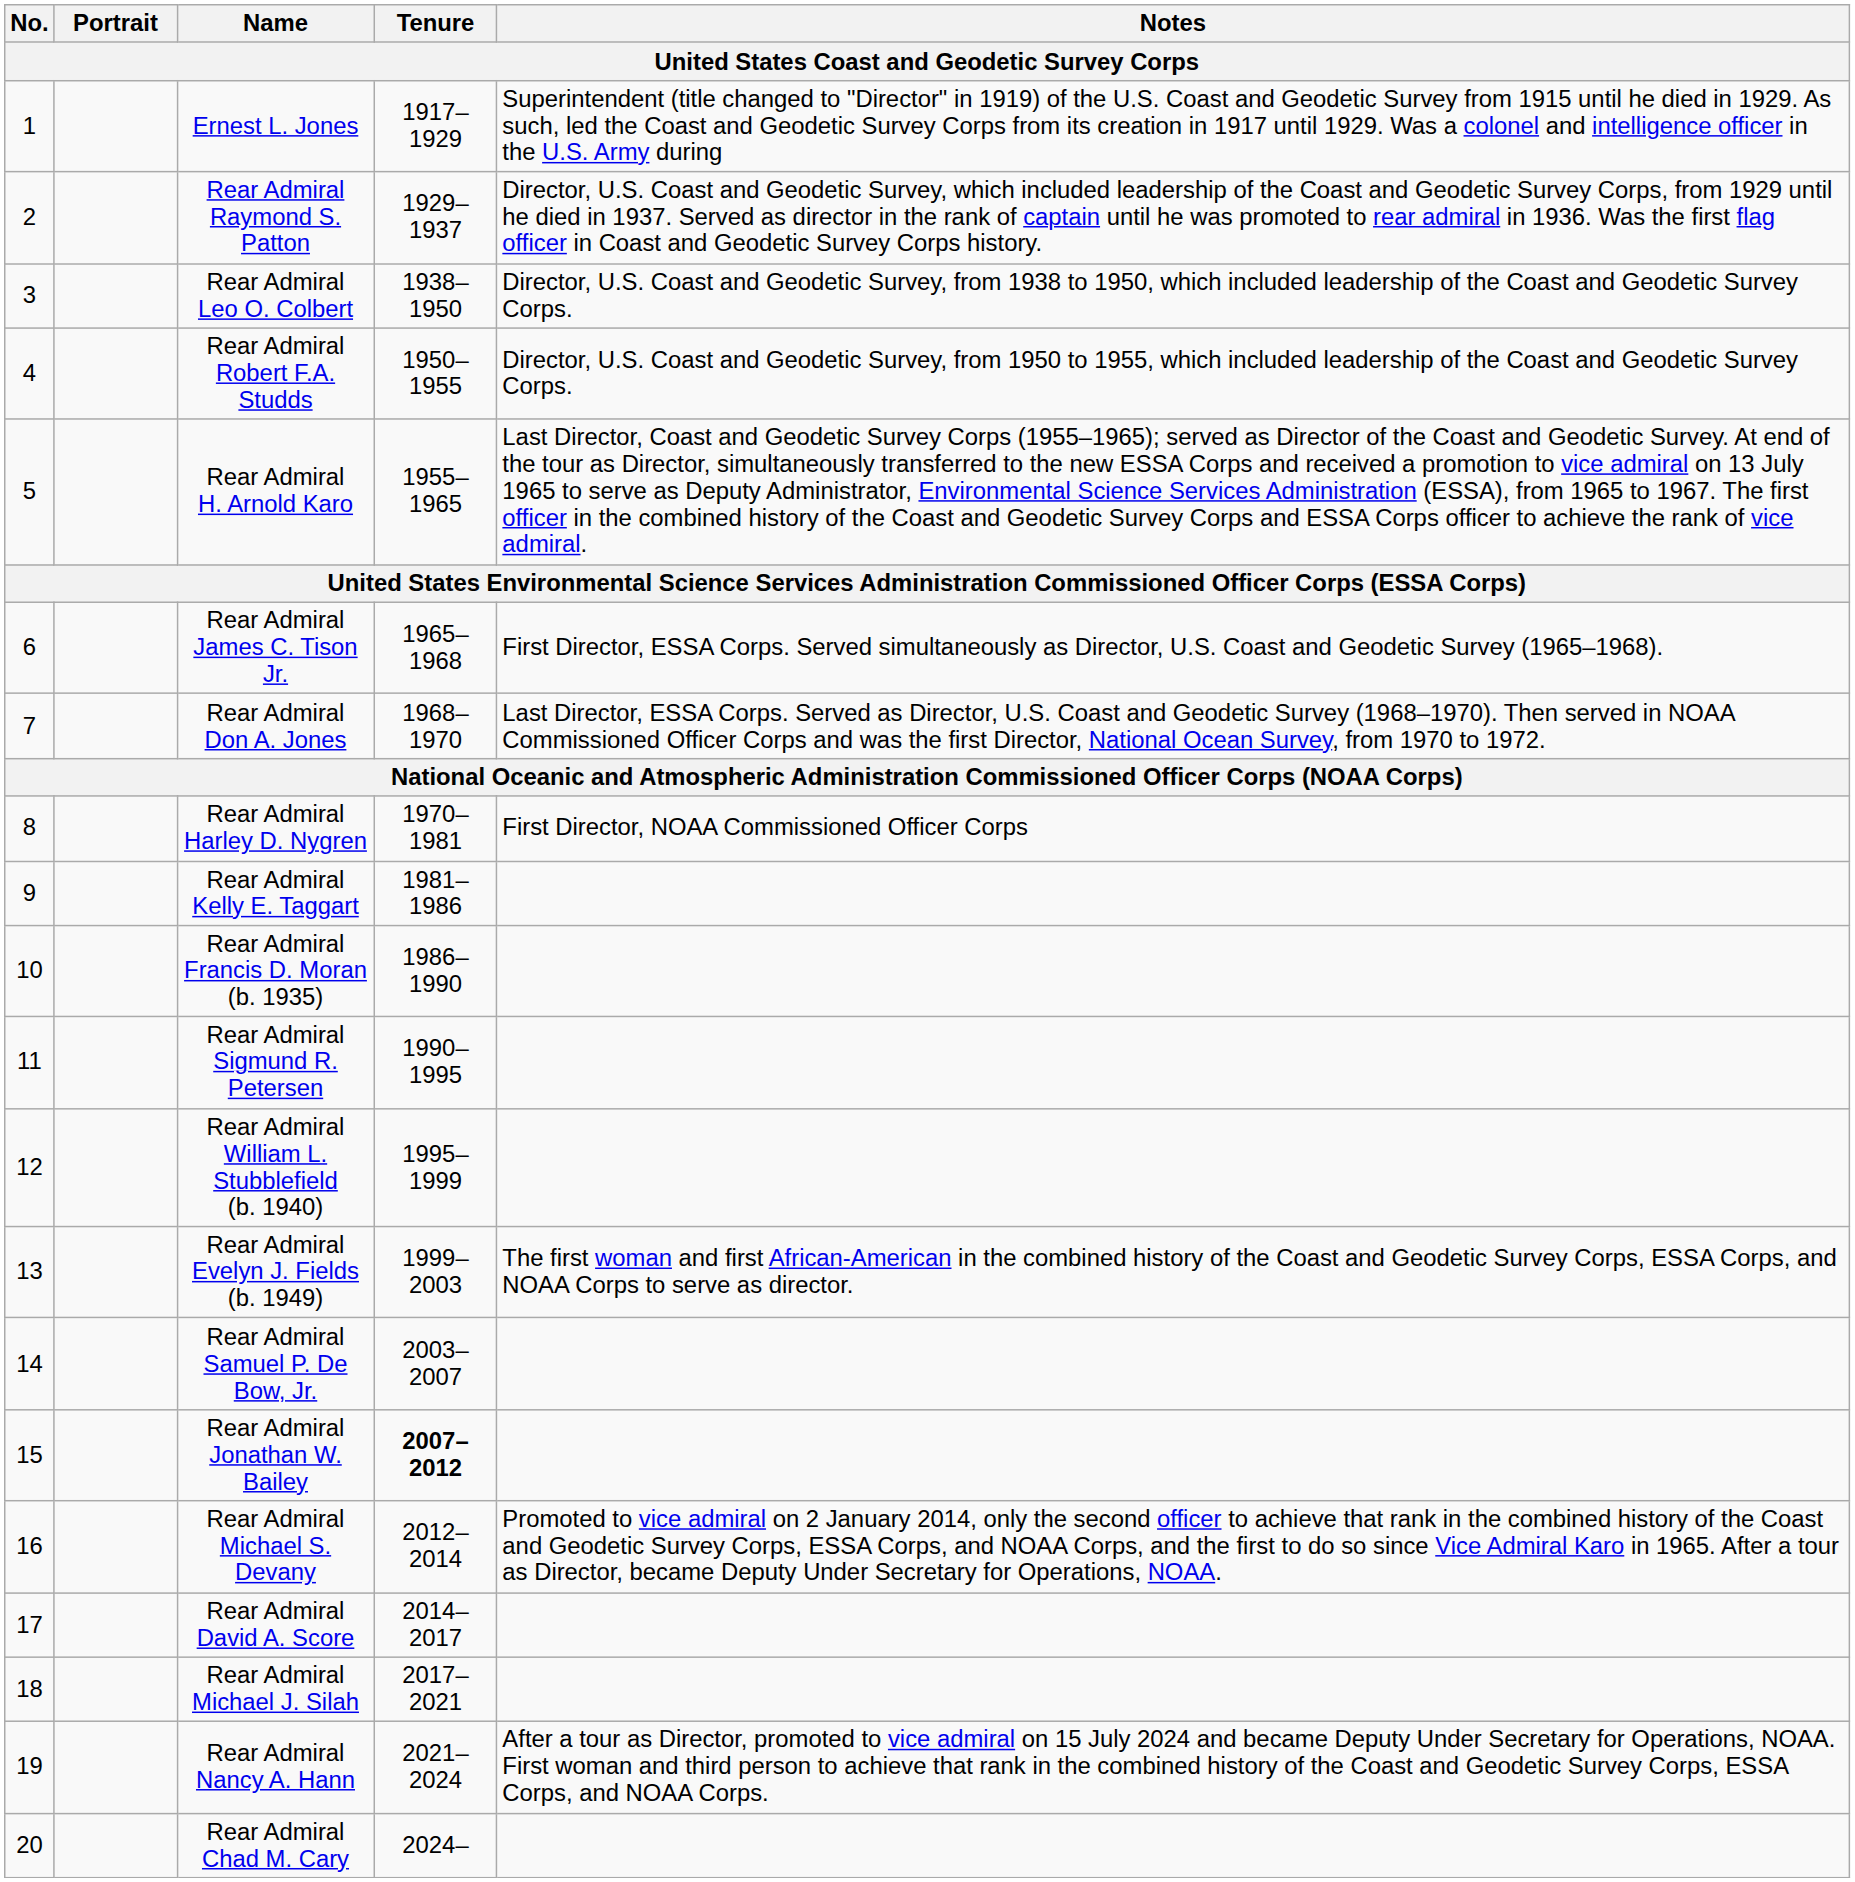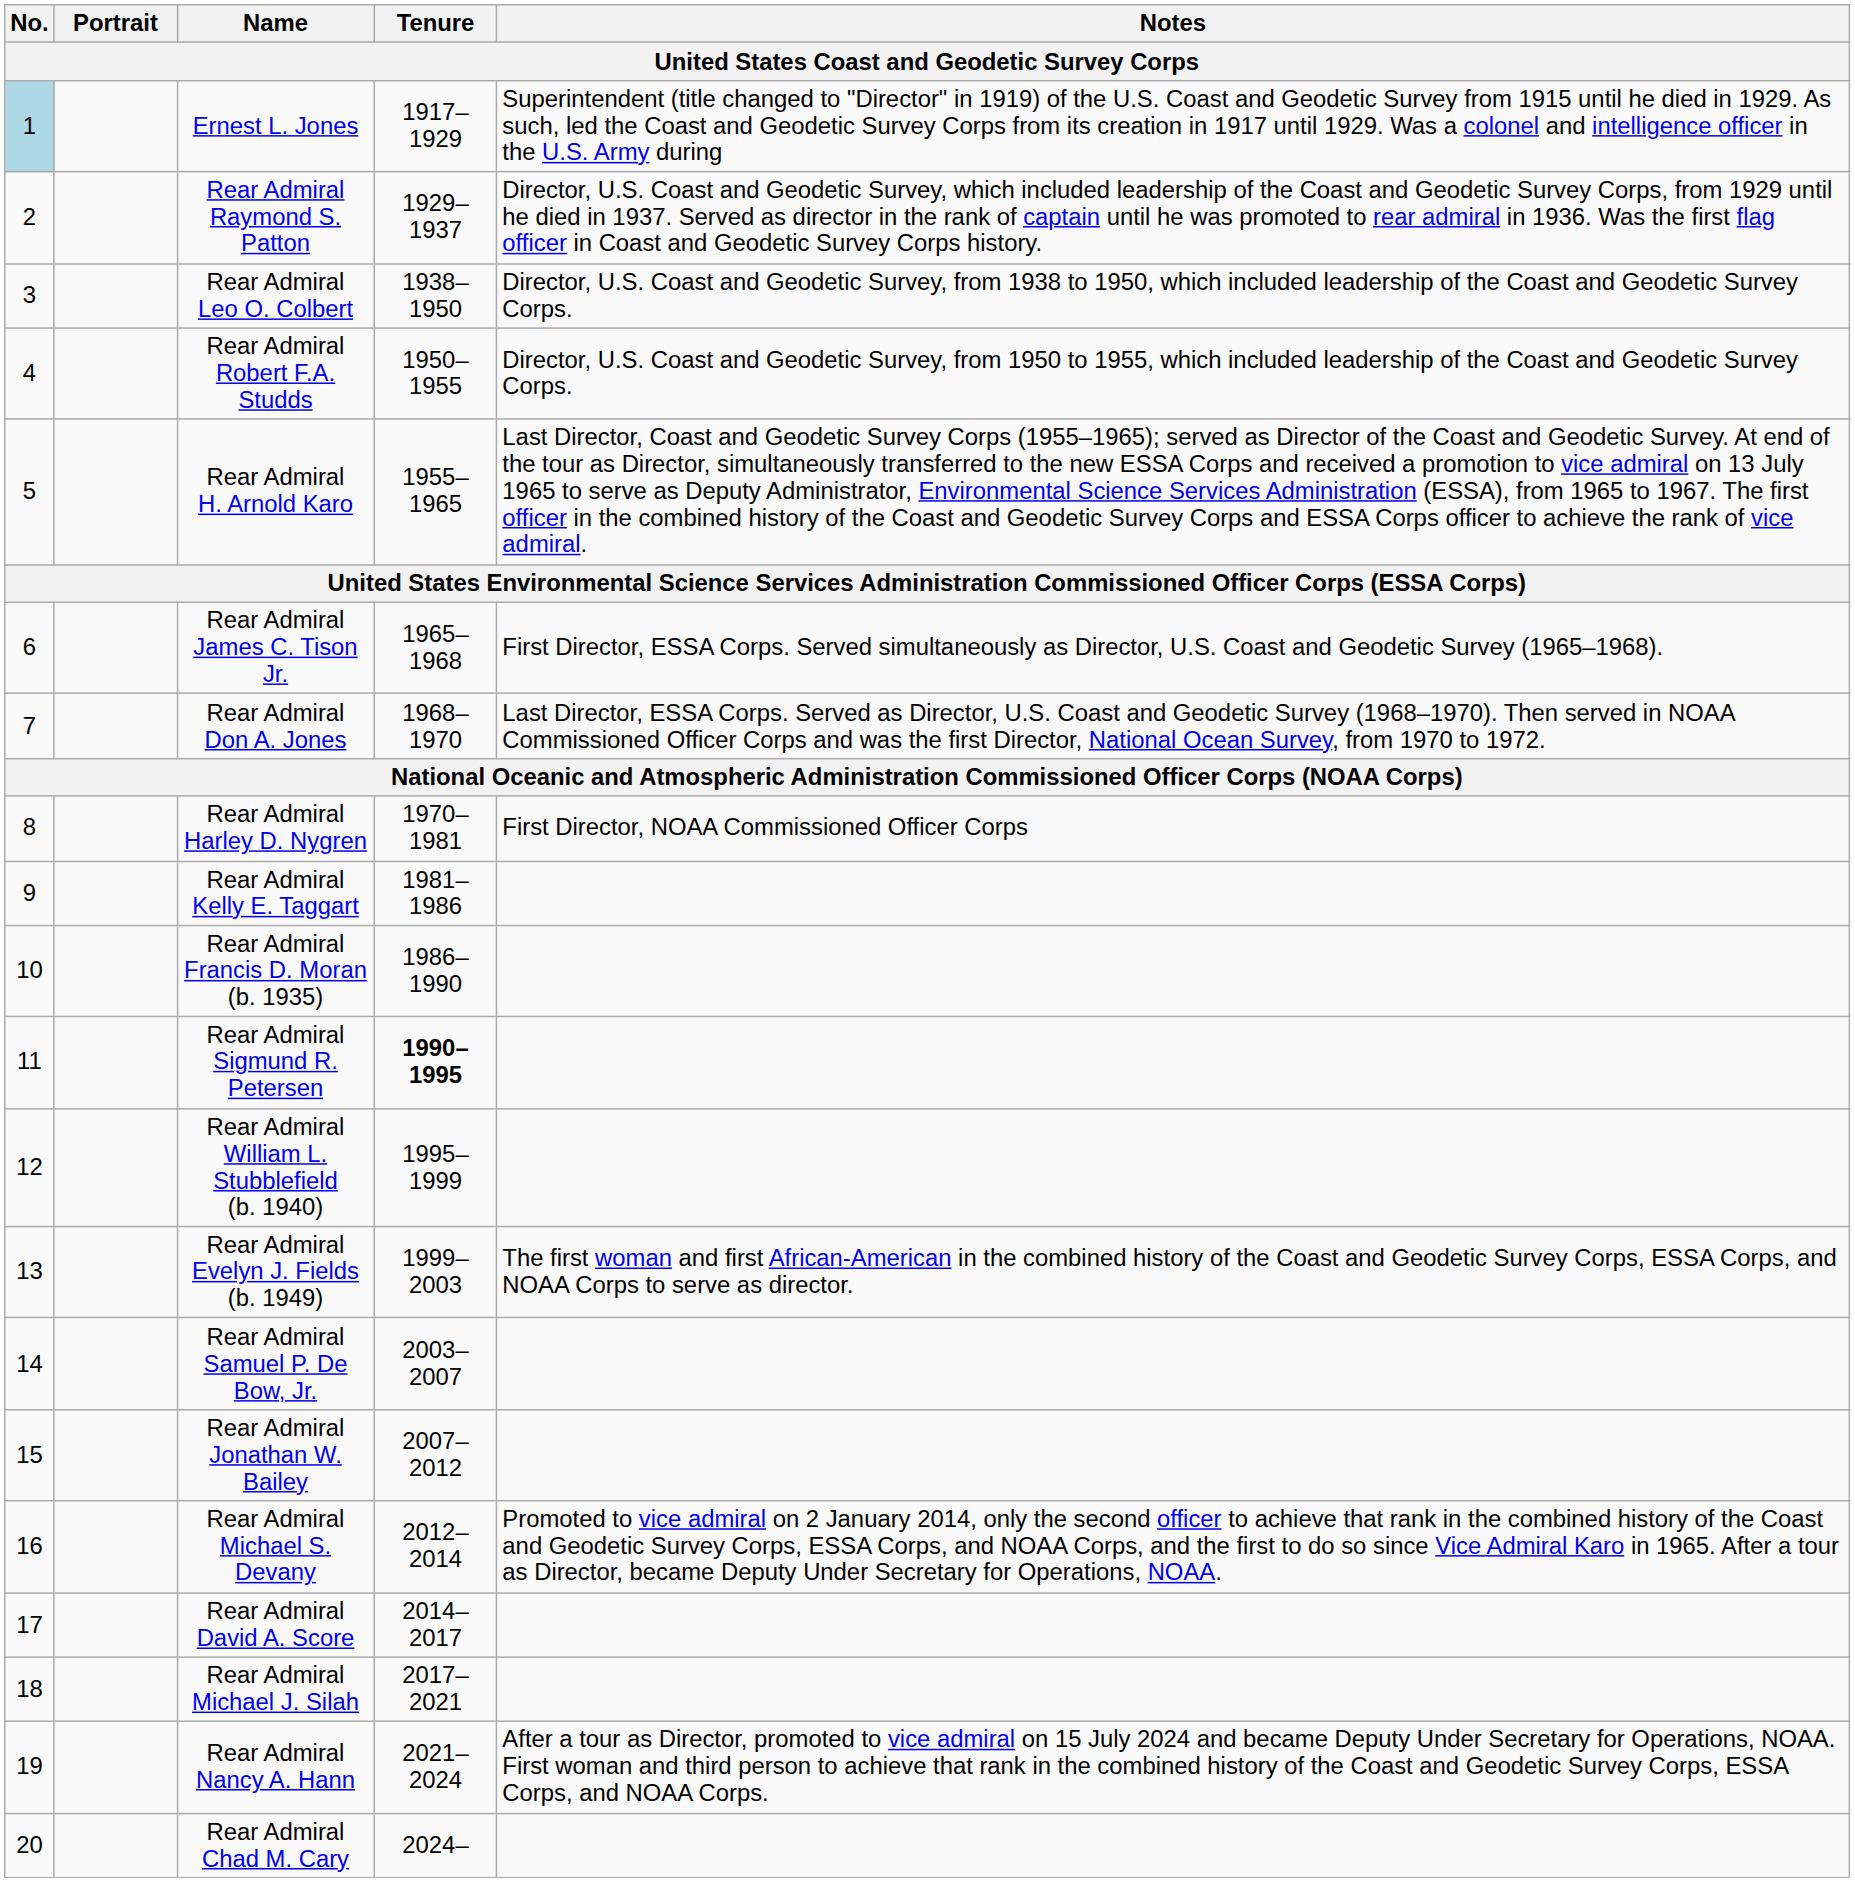 <table class="wikitable sortable">
 <tr>
 <th width="25" style="text-align:center">No.</th>
 <th width="75" style="text-align:center">Portrait</th>
 <th width="125" style="text-align:center">Name</th>
 <th width="75" style="text-align:center">Tenure</th>
 <th width="900" style="text-align:center">Notes</th>
 </tr>
 <tr>
 <th colspan="5">United States Coast and Geodetic Survey Corps</th>
 </tr>
 <tr>
-<td style="text-align:center">1</td>
+<td style="background: lightblue; text-align:center">1</td>
 <td style="text-align:center"></td>
 <td style="text-align:center"><a href='#'>Ernest L. Jones</a><br></td>
 <td style="text-align:center">1917–1929</td>
 <td>Superintendent (title changed to "Director" in 1919) of the U.S. Coast and Geodetic Survey from 1915 until he died in 1929. As such, led the Coast and Geodetic Survey Corps from its creation in 1917 until 1929. Was a <a href='#'>colonel</a> and <a href='#'>intelligence officer</a> in the <a href='#'>U.S. Army</a> during </td>
 </tr>
 <tr>
 <td style="text-align:center">2</td>
 <td style="text-align:center"></td>
 <td style="text-align:center"><a href='#'>Rear Admiral</a><br><a href='#'>Raymond S. Patton</a><br></td>
 <td style="text-align:center">1929–1937</td>
 <td>Director, U.S. Coast and Geodetic Survey, which included leadership of the Coast and Geodetic Survey Corps, from 1929 until he died in 1937. Served as director in the rank of <a href='#'>captain</a> until he was promoted to <a href='#'>rear admiral</a> in 1936. Was the first <a href='#'>flag officer</a> in Coast and Geodetic Survey Corps history.</td>
 </tr>
 <tr>
 <td style="text-align:center">3</td>
 <td style="text-align:center"></td>
 <td style="text-align:center">Rear Admiral<br><a href='#'>Leo O. Colbert</a><br></td>
 <td style="text-align:center">1938–1950</td>
 <td>Director, U.S. Coast and Geodetic Survey, from 1938 to 1950, which included leadership of the Coast and Geodetic Survey Corps.</td>
 </tr>
 <tr>
 <td style="text-align:center">4</td>
 <td style="text-align:center"></td>
 <td style="text-align:center">Rear Admiral<br><a href='#'>Robert F.A. Studds</a><br></td>
 <td style="text-align:center">1950–1955</td>
 <td>Director, U.S. Coast and Geodetic Survey, from 1950 to 1955, which included leadership of the Coast and Geodetic Survey Corps.</td>
 </tr>
 <tr>
 <td style="text-align:center">5</td>
 <td style="text-align:center"></td>
 <td style="text-align:center">Rear Admiral<br><a href='#'>H. Arnold Karo</a><br></td>
 <td style="text-align:center">1955–1965</td>
 <td>Last Director, Coast and Geodetic Survey Corps (1955–1965); served as Director of the Coast and Geodetic Survey. At end of the tour as Director, simultaneously transferred to the new ESSA Corps and received a promotion to <a href='#'>vice admiral</a> on 13 July 1965 to serve as Deputy Administrator, <a href='#'>Environmental Science Services Administration</a> (ESSA), from 1965 to 1967. The first <a href='#'>officer</a> in the combined history of the Coast and Geodetic Survey Corps and ESSA Corps officer to achieve the rank of <a href='#'>vice admiral</a>.</td>
 </tr>
 <tr>
 <th colspan="6">United States Environmental Science Services Administration Commissioned Officer Corps (ESSA Corps)</th>
 </tr>
 <tr>
 <td style="text-align:center">6</td>
 <td style="text-align:center"></td>
 <td style="text-align:center">Rear Admiral<br><a href='#'>James C. Tison Jr.</a><br></td>
 <td style="text-align:center">1965–1968</td>
 <td>First Director, ESSA Corps. Served simultaneously as Director, U.S. Coast and Geodetic Survey (1965–1968).</td>
 </tr>
 <tr>
 <td style="text-align:center">7</td>
 <td style="text-align:center"></td>
 <td style="text-align:center">Rear Admiral<br><a href='#'>Don A. Jones</a><br></td>
 <td style="text-align:center">1968–1970</td>
 <td>Last Director, ESSA Corps. Served as Director, U.S. Coast and Geodetic Survey (1968–1970). Then served in NOAA Commissioned Officer Corps and was the first Director, <a href='#'>National Ocean Survey</a>, from 1970 to 1972.</td>
 </tr>
 <tr>
 <th colspan="5">National Oceanic and Atmospheric Administration Commissioned Officer Corps (NOAA Corps)</th>
 </tr>
 <tr>
 <td style="text-align:center">8</td>
 <td style="text-align:center"></td>
 <td style="text-align:center">Rear Admiral<br><a href='#'>Harley D. Nygren</a><br></td>
 <td style="text-align:center">1970–1981</td>
 <td>First Director, NOAA Commissioned Officer Corps</td>
 </tr>
 <tr>
 <td style="text-align:center">9</td>
 <td style="text-align:center"></td>
 <td style="text-align:center">Rear Admiral<br><a href='#'>Kelly E. Taggart</a><br></td>
 <td style="text-align:center">1981–1986</td>
 <td></td>
 </tr>
 <tr>
 <td style="text-align:center">10</td>
 <td style="text-align:center"></td>
 <td style="text-align:center">Rear Admiral<br><a href='#'>Francis D. Moran</a><br>(b. 1935)</td>
 <td style="text-align:center">1986–1990</td>
 <td></td>
 </tr>
 <tr>
 <td style="text-align:center">11</td>
 <td style="text-align:center"></td>
 <td style="text-align:center">Rear Admiral<br><a href='#'>Sigmund R. Petersen</a></td>
-<td style="text-align:center">1990–1995</td>
+<td style="text-align:center"><strong>1990–1995</strong></td>
 <td></td>
 </tr>
 <tr>
 <td style="text-align:center">12</td>
 <td style="text-align:center"></td>
 <td style="text-align:center">Rear Admiral<br><a href='#'>William L. Stubblefield</a><br>(b. 1940)</td>
 <td style="text-align:center">1995–1999</td>
 <td></td>
 </tr>
 <tr>
 <td style="text-align:center">13</td>
 <td style="text-align:center"></td>
 <td style="text-align:center">Rear Admiral<br><a href='#'>Evelyn J. Fields</a><br>(b. 1949)</td>
 <td style="text-align:center">1999–2003</td>
 <td>The first <a href='#'>woman</a> and first <a href='#'>African-American</a> in the combined history of the Coast and Geodetic Survey Corps, ESSA Corps, and NOAA Corps to serve as director.</td>
 </tr>
 <tr>
 <td style="text-align:center">14</td>
 <td style="text-align:center"></td>
 <td style="text-align:center">Rear Admiral<br><a href='#'>Samuel P. De Bow, Jr.</a></td>
 <td style="text-align:center">2003–2007</td>
 <td></td>
 </tr>
 <tr>
 <td style="text-align:center">15</td>
 <td style="text-align:center"></td>
 <td style="text-align:center">Rear Admiral<br><a href='#'>Jonathan W. Bailey</a></td>
-<td style="text-align:center"><strong>2007–2012</strong></td>
+<td style="text-align:center">2007–2012</td>
 <td></td>
 </tr>
 <tr>
 <td style="text-align:center">16</td>
 <td style="text-align:center"></td>
 <td style="text-align:center">Rear Admiral<br><a href='#'>Michael S. Devany</a></td>
 <td style="text-align:center">2012–2014</td>
 <td>Promoted to <a href='#'>vice admiral</a> on 2 January 2014, only the second <a href='#'>officer</a> to achieve that rank in the combined history of the Coast and Geodetic Survey Corps, ESSA Corps, and NOAA Corps, and the first to do so since <a href='#'>Vice Admiral Karo</a> in 1965. After a tour as Director, became Deputy Under Secretary for Operations, <a href='#'>NOAA</a>.</td>
 </tr>
 <tr>
 <td style="text-align:center">17</td>
 <td style="text-align:center"></td>
 <td style="text-align:center">Rear Admiral<br><a href='#'>David A. Score</a></td>
 <td style="text-align:center">2014–2017</td>
 <td></td>
 </tr>
 <tr>
 <td style="text-align:center">18</td>
 <td style="text-align:center"></td>
 <td style="text-align:center">Rear Admiral<br><a href='#'>Michael J. Silah</a></td>
 <td style="text-align:center">2017–2021</td>
 <td></td>
 </tr>
 <tr>
 <td style="text-align:center">19</td>
 <td style="text-align:center"></td>
 <td style="text-align:center">Rear Admiral<br><a href='#'>Nancy A. Hann</a></td>
 <td style="text-align:center">2021–2024</td>
 <td>After a tour as Director, promoted to <a href='#'>vice admiral</a> on 15 July 2024 and became Deputy Under Secretary for Operations, NOAA. First woman and third person to achieve that rank in the combined history of the Coast and Geodetic Survey Corps, ESSA Corps, and NOAA Corps.</td>
 </tr>
 <tr>
 <td style="text-align:center">20</td>
 <td style="text-align:center"></td>
 <td style="text-align:center">Rear Admiral<br><a href='#'>Chad M. Cary</a></td>
 <td style="text-align:center">2024–</td>
 <td></td>
 </tr>
 </table>
